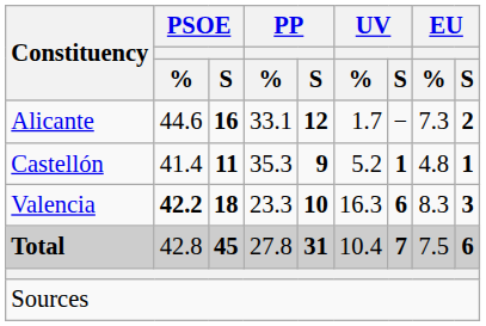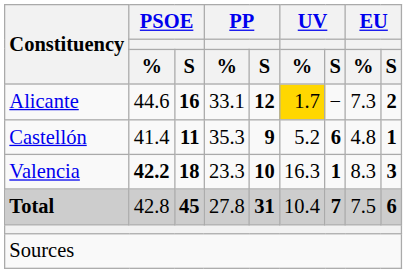 <table class="wikitable sortable" style="text-align:right; line-height:20px;">
 <tr>
 <th rowspan="3">Constituency</th>
 <th colspan="2" width="30px" class="unsortable"><a href='#'>PSOE</a></th>
 <th colspan="2" width="30px" class="unsortable"><a href='#'>PP</a></th>
 <th colspan="2" width="30px" class="unsortable"><a href='#'>UV</a></th>
 <th colspan="2" width="30px" class="unsortable"><a href='#'>EU</a></th>
 </tr>
 <tr>
 <th colspan="2" style="background:"></th>
 <th colspan="2" style="background:"></th>
 <th colspan="2" style="background:"></th>
 <th colspan="2" style="background:"></th>
 </tr>
 <tr>
 <th data-sort-type="number">%</th>
 <th data-sort-type="number">S</th>
 <th data-sort-type="number">%</th>
 <th data-sort-type="number">S</th>
 <th data-sort-type="number">%</th>
 <th data-sort-type="number">S</th>
 <th data-sort-type="number">%</th>
 <th data-sort-type="number">S</th>
 </tr>
 <tr>
 <td align="left"><a href='#'>Alicante</a></td>
 <td style="background:">44.6</td>
 <td><strong>16</strong></td>
 <td>33.1</td>
 <td><strong>12</strong></td>
-<td>1.7</td>
+<td style="background: gold;">1.7</td>
 <td>−</td>
 <td>7.3</td>
 <td><strong>2</strong></td>
 </tr>
 <tr>
 <td align="left"><a href='#'>Castellón</a></td>
 <td style="background:">41.4</td>
 <td><strong>11</strong></td>
 <td>35.3</td>
 <td><strong>9</strong></td>
 <td>5.2</td>
-<td><strong>1</strong></td>
+<td><strong>6</strong></td>
 <td>4.8</td>
 <td><strong>1</strong></td>
 </tr>
 <tr>
 <td align="left"><a href='#'>Valencia</a></td>
 <td style="background:"><strong>42.2</strong></td>
 <td><strong>18</strong></td>
 <td>23.3</td>
 <td><strong>10</strong></td>
 <td>16.3</td>
-<td><strong>6</strong></td>
+<td><strong>1</strong></td>
 <td>8.3</td>
 <td><strong>3</strong></td>
 </tr>
 <tr style="background:#CDCDCD;">
 <td align="left"><strong>Total</strong></td>
 <td style="background:">42.8</td>
 <td><strong>45</strong></td>
 <td>27.8</td>
 <td><strong>31</strong></td>
 <td>10.4</td>
 <td><strong>7</strong></td>
 <td>7.5</td>
 <td><strong>6</strong></td>
 </tr>
 <tr>
 <th colspan="9"></th>
 </tr>
 <tr>
 <th style="text-align:left; font-weight:normal; background:#F9F9F9" colspan="9">Sources</th>
 </tr>
 </table>
